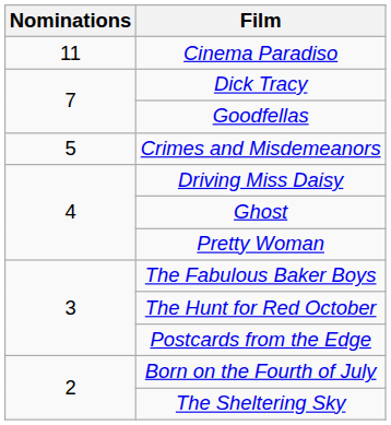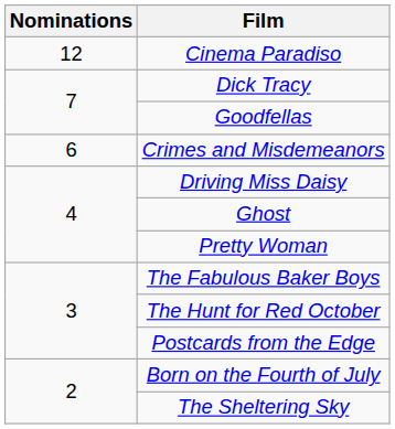 <table class="wikitable" style="text-align:center;">
 <tr>
 <th style="background:">Nominations</th>
 <th style="background:">Film</th>
 </tr>
 <tr>
-<td>11</td>
+<td>12</td>
 <td><em><a href='#'>Cinema Paradiso</a></em></td>
 </tr>
 <tr>
 <td rowspan="2">7</td>
 <td><em><a href='#'>Dick Tracy</a></em></td>
 </tr>
 <tr>
 <td><em><a href='#'>Goodfellas</a></em></td>
 </tr>
 <tr>
-<td>5</td>
+<td>6</td>
 <td><em><a href='#'>Crimes and Misdemeanors</a></em></td>
 </tr>
 <tr>
 <td rowspan="3">4</td>
 <td><em><a href='#'>Driving Miss Daisy</a></em></td>
 </tr>
 <tr>
 <td><em><a href='#'>Ghost</a></em></td>
 </tr>
 <tr>
 <td><em><a href='#'>Pretty Woman</a></em></td>
 </tr>
 <tr>
 <td rowspan="3">3</td>
 <td><em><a href='#'>The Fabulous Baker Boys</a></em></td>
 </tr>
 <tr>
 <td><em><a href='#'>The Hunt for Red October</a></em></td>
 </tr>
 <tr>
 <td><em><a href='#'>Postcards from the Edge</a></em></td>
 </tr>
 <tr>
 <td rowspan="2">2</td>
 <td><em><a href='#'>Born on the Fourth of July</a></em></td>
 </tr>
 <tr>
 <td><em><a href='#'>The Sheltering Sky</a></em></td>
 </tr>
 </table>
